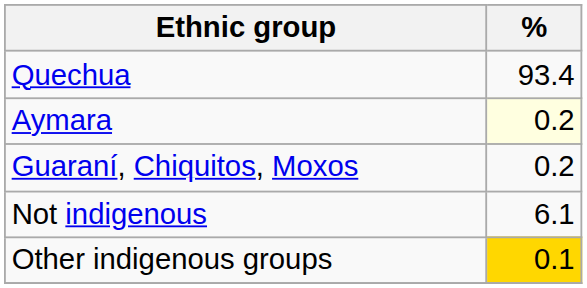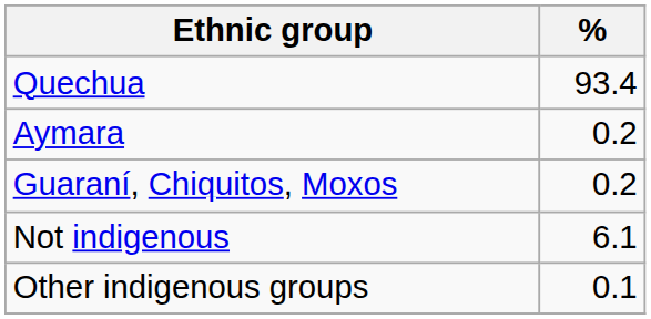 <table class="wikitable" border="1" style="width:25%;" border="1">
 <tr bgcolor=#EFEFEF>
 <th><strong>Ethnic group</strong></th>
 <th><strong>%</strong></th>
 </tr>
 <tr>
 <td><a href='#'>Quechua</a></td>
 <td align="right">93.4</td>
 </tr>
 <tr>
 <td><a href='#'>Aymara</a></td>
-<td align="right" style="background: lightyellow;">0.2</td>
+<td align="right">0.2</td>
 </tr>
 <tr>
 <td><a href='#'>Guaraní</a>, <a href='#'>Chiquitos</a>, <a href='#'>Moxos</a></td>
 <td align="right">0.2</td>
 </tr>
 <tr>
 <td>Not <a href='#'>indigenous</a></td>
 <td align="right">6.1</td>
 </tr>
 <tr>
 <td>Other indigenous groups</td>
-<td align="right" style="background: gold;">0.1</td>
+<td align="right">0.1</td>
 </tr>
 <tr>
 </tr>
 </table>
